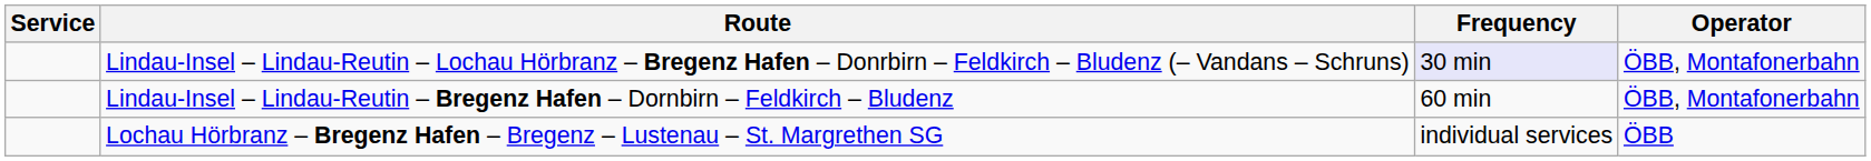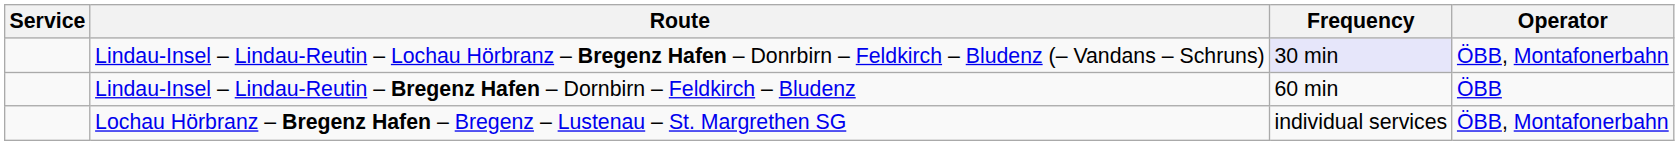 <table class="wikitable">
 <tr>
 <th>Service</th>
 <th>Route</th>
 <th>Frequency</th>
 <th>Operator</th>
 </tr>
 <tr>
 <td></td>
 <td><a href='#'>Lindau-Insel</a> – <a href='#'>Lindau-Reutin</a> – <a href='#'>Lochau Hörbranz</a> – <strong>Bregenz Hafen</strong> – Donrbirn – <a href='#'>Feldkirch</a> – <a href='#'>Bludenz</a> (– Vandans – Schruns)</td>
 <td style="background: lavender;">30 min</td>
 <td><a href='#'>ÖBB</a>, <a href='#'>Montafonerbahn</a></td>
 </tr>
 <tr>
 <td></td>
 <td><a href='#'>Lindau-Insel</a> – <a href='#'>Lindau-Reutin</a> – <strong>Bregenz Hafen</strong> – Dornbirn – <a href='#'>Feldkirch</a> – <a href='#'>Bludenz</a></td>
 <td>60 min</td>
-<td><a href='#'>ÖBB</a>, <a href='#'>Montafonerbahn</a></td>
+<td><a href='#'>ÖBB</a></td>
 </tr>
 <tr>
 <td></td>
 <td><a href='#'>Lochau Hörbranz</a> – <strong>Bregenz Hafen</strong> – <a href='#'>Bregenz</a> – <a href='#'>Lustenau</a> – <a href='#'>St. Margrethen SG</a></td>
 <td>individual services</td>
-<td><a href='#'>ÖBB</a></td>
+<td><a href='#'>ÖBB</a>, <a href='#'>Montafonerbahn</a></td>
 </tr>
 </table>
